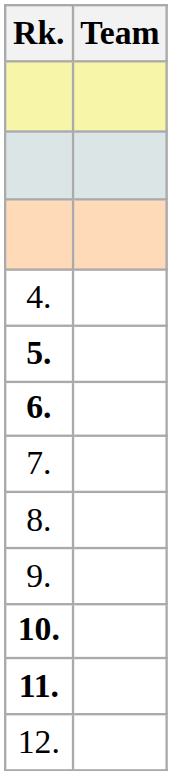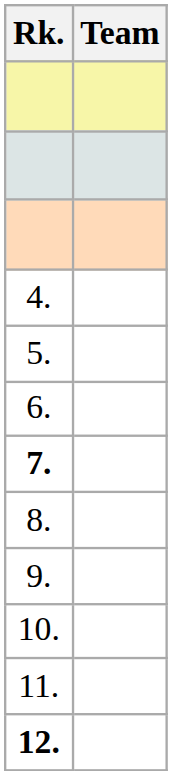 <table class="wikitable" style="border:1px solid #AAAAAA;font-size:90%">
 <tr bgcolor="#E4E4E4">
 <th style="border-bottom:1px solid #AAAAAA">Rk.</th>
 <th style="border-bottom:1px solid #AAAAAA">Team</th>
 </tr>
 <tr bgcolor="#F7F6A8">
 <td align="center" style="height:23px"></td>
 <td><strong></strong></td>
 </tr>
 <tr bgcolor="#DCE5E5">
 <td align="center" style="height:23px"></td>
 <td></td>
 </tr>
 <tr bgcolor="#FFDAB9">
 <td align="center" style="height:23px"></td>
 <td></td>
 </tr>
 <tr style="background:#ffffff;">
 <td align="center">4.</td>
 <td></td>
 </tr>
 <tr style="background:#ffffff;">
-<td align="center"><strong>5.</strong></td>
+<td align="center">5.</td>
 <td></td>
 </tr>
 <tr style="background:#ffffff;">
-<td align="center"><strong>6.</strong></td>
+<td align="center">6.</td>
 <td></td>
 </tr>
 <tr style="background:#ffffff;">
-<td align="center">7.</td>
+<td align="center"><strong>7.</strong></td>
 <td></td>
 </tr>
 <tr style="background:#ffffff;">
 <td align="center">8.</td>
 <td></td>
 </tr>
 <tr style="background:#ffffff;">
 <td align="center">9.</td>
 <td></td>
 </tr>
 <tr style="background:#ffffff;">
-<td align="center"><strong>10.</strong></td>
+<td align="center">10.</td>
 <td></td>
 </tr>
 <tr style="background:#ffffff;">
-<td align="center"><strong>11.</strong></td>
+<td align="center">11.</td>
 <td></td>
 </tr>
 <tr style="background:#ffffff;">
-<td align="center">12.</td>
+<td align="center"><strong>12.</strong></td>
 <td></td>
 </tr>
 </table>
